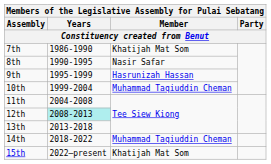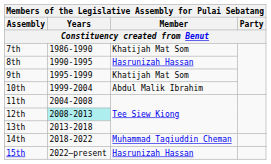 <table class=wikitable>
 <tr>
 <th colspan=4>Members of the Legislative Assembly for Pulai Sebatang</th>
 </tr>
 <tr>
 <th>Assembly</th>
 <th>Years</th>
 <th>Member</th>
 <th>Party</th>
 </tr>
 <tr>
 <th colspan=4 align=center><em>Constituency created from <a href='#'>Benut</a></em></th>
 </tr>
 <tr>
 <td>7th</td>
 <td>1986-1990</td>
 <td>Khatijah Mat Som</td>
 <td rowspan="4"></td>
 </tr>
 <tr>
 <td>8th</td>
 <td>1990-1995</td>
-<td>Nasir Safar</td>
+<td><a href='#'>Hasrunizah Hassan</a></td>
 </tr>
 <tr>
 <td>9th</td>
 <td>1995-1999</td>
-<td><a href='#'>Hasrunizah Hassan</a></td>
+<td>Khatijah Mat Som</td>
 </tr>
 <tr>
 <td>10th</td>
 <td>1999-2004</td>
-<td><a href='#'>Muhammad Taqiuddin Cheman</a></td>
+<td>Abdul Malik Ibrahim</td>
 </tr>
 <tr>
 <td>11th</td>
 <td>2004-2008</td>
 <td rowspan="3"><a href='#'>Tee Siew Kiong</a></td>
 <td rowspan="3"></td>
 </tr>
 <tr>
 <td>12th</td>
 <td style="background: paleturquoise;">2008-2013</td>
 </tr>
 <tr>
 <td>13th</td>
 <td>2013-2018</td>
 </tr>
 <tr>
 <td>14th</td>
 <td>2018-2022</td>
 <td><a href='#'>Muhammad Taqiuddin Cheman</a></td>
 <td></td>
 </tr>
 <tr>
 <td><a href='#'>15th</a></td>
 <td>2022–present</td>
-<td>Khatijah Mat Som</td>
+<td><a href='#'>Hasrunizah Hassan</a></td>
 <td></td>
 </tr>
 </table>
